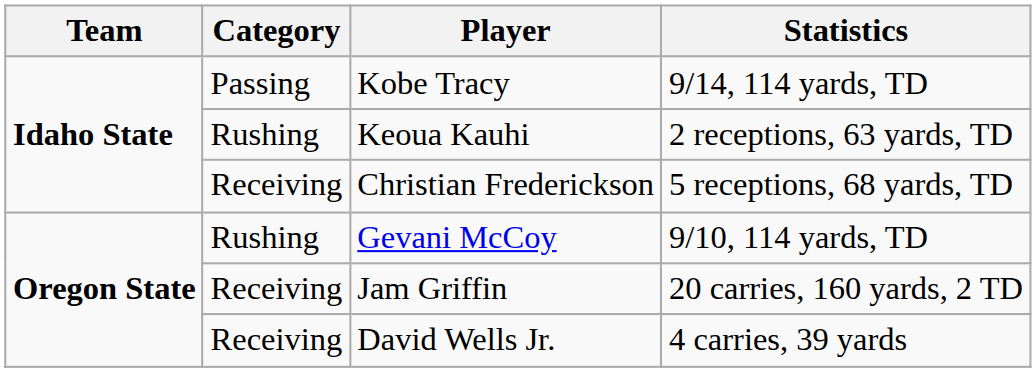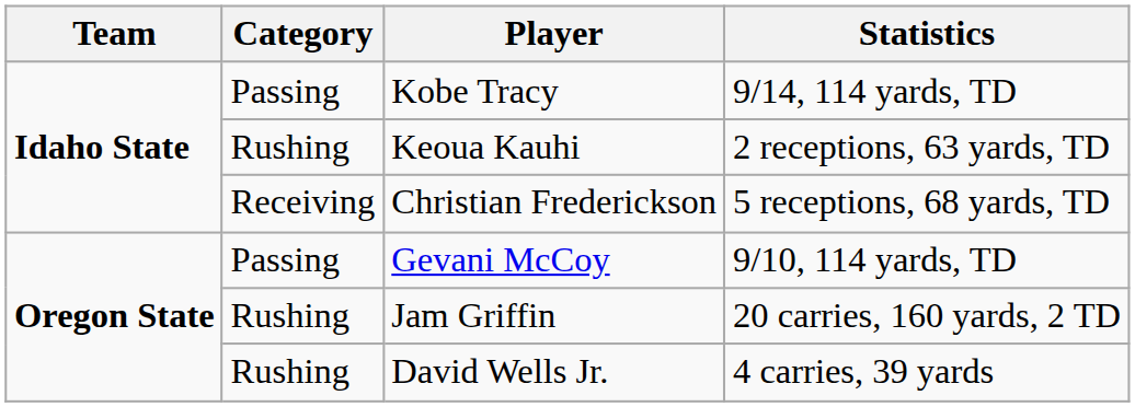 <table class="wikitable" style="float: right;">
 <tr>
 <th>Team</th>
 <th>Category</th>
 <th>Player</th>
 <th>Statistics</th>
 </tr>
 <tr>
 <td rowspan=3><strong>Idaho State</strong></td>
 <td>Passing</td>
 <td>Kobe Tracy</td>
 <td>9/14, 114 yards, TD</td>
 </tr>
 <tr>
 <td>Rushing</td>
 <td>Keoua Kauhi</td>
 <td>2 receptions, 63 yards, TD</td>
 </tr>
 <tr>
 <td>Receiving</td>
 <td>Christian Frederickson</td>
 <td>5 receptions, 68 yards, TD</td>
 </tr>
 <tr>
 <td rowspan=3><strong>Oregon State</strong></td>
-<td>Rushing</td>
+<td>Passing</td>
 <td><a href='#'>Gevani McCoy</a></td>
 <td>9/10, 114 yards, TD</td>
 </tr>
 <tr>
-<td>Receiving</td>
+<td>Rushing</td>
 <td>Jam Griffin</td>
 <td>20 carries, 160 yards, 2 TD</td>
 </tr>
 <tr>
-<td>Receiving</td>
+<td>Rushing</td>
 <td>David Wells Jr.</td>
 <td>4 carries, 39 yards</td>
 </tr>
 </table>
